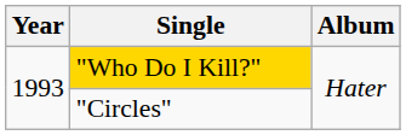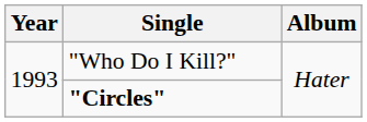 <table class="wikitable" border="1">
 <tr>
 <th>Year</th>
 <th width="140">Single</th>
 <th>Album</th>
 </tr>
 <tr>
 <td rowspan="2">1993</td>
-<td style="background: gold;">"Who Do I Kill?"</td>
+<td>"Who Do I Kill?"</td>
 <td rowspan="2" align="center"><em>Hater</em></td>
 </tr>
 <tr>
-<td>"Circles"</td>
+<td><strong>"Circles"</strong></td>
 </tr>
 </table>
